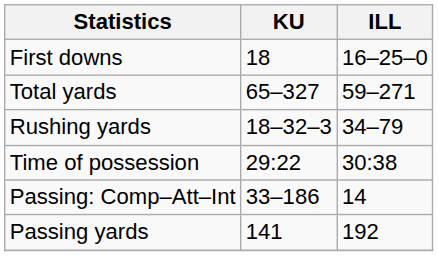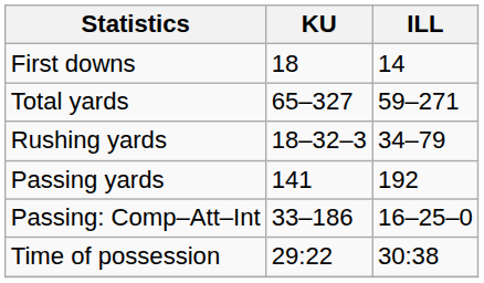 <table class="wikitable" style="float: left;">
 <tr>
 <th>Statistics</th>
 <th>KU</th>
 <th>ILL</th>
 </tr>
 <tr>
 <td>First downs</td>
 <td>18</td>
-<td>16–25–0</td>
+<td>14</td>
 </tr>
 <tr>
 <td>Total yards</td>
 <td>65–327</td>
 <td>59–271</td>
 </tr>
 <tr>
 <td>Rushing yards</td>
 <td>18–32–3</td>
 <td>34–79</td>
 </tr>
 <tr>
+<td>Passing yards</td>
+<td>141</td>
+<td>192</td>
+</tr>
+<tr>
+<td>Passing: Comp–Att–Int</td>
+<td>33–186</td>
+<td>16–25–0</td>
+</tr>
+<tr>
 <td>Time of possession</td>
 <td>29:22</td>
 <td>30:38</td>
 </tr>
 <tr>
-<td>Passing: Comp–Att–Int</td>
-<td>33–186</td>
-<td>14</td>
-</tr>
-<tr>
-<td>Passing yards</td>
-<td>141</td>
-<td>192</td>
-</tr>
-<tr>
 </tr>
 </table>
